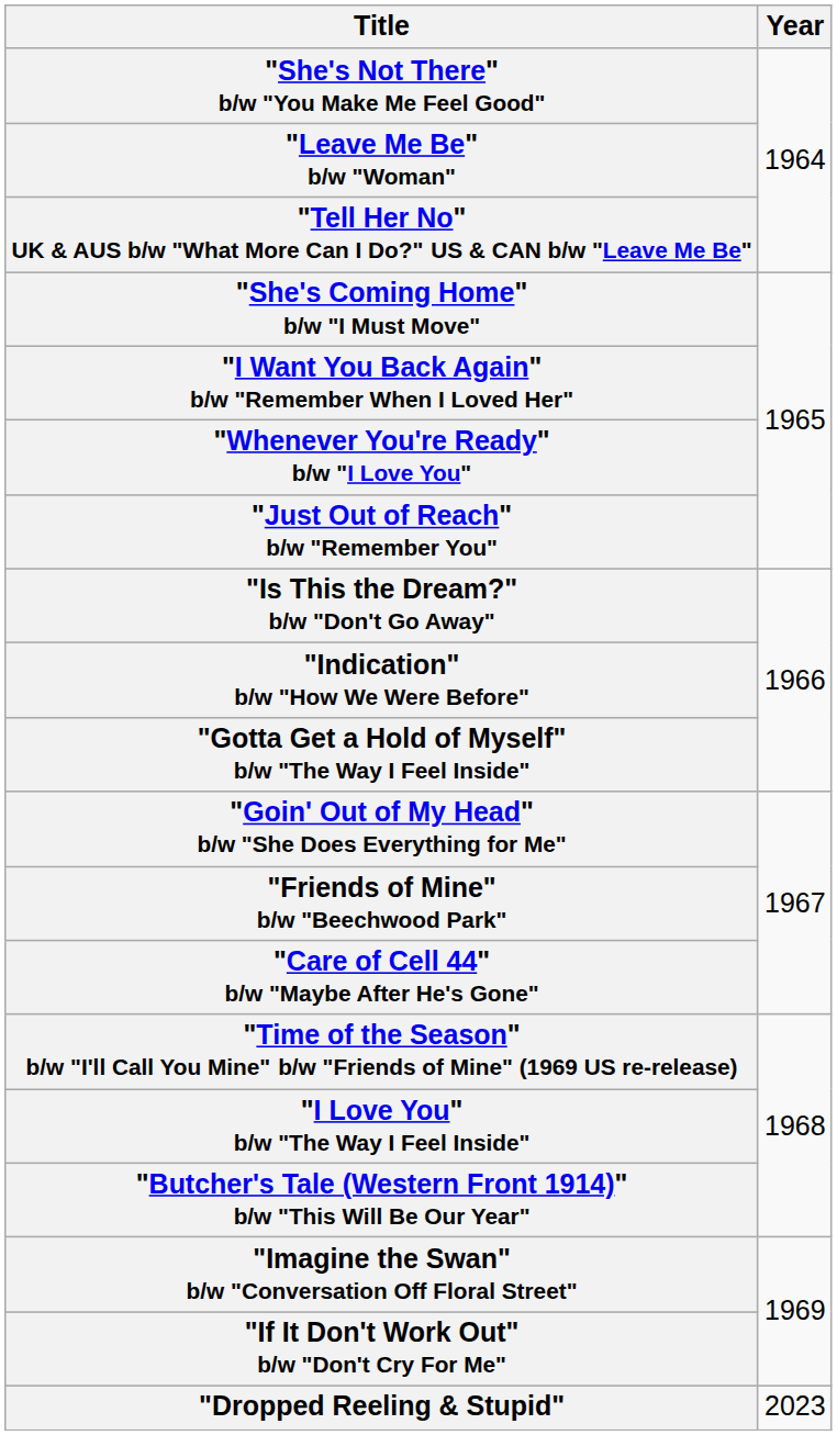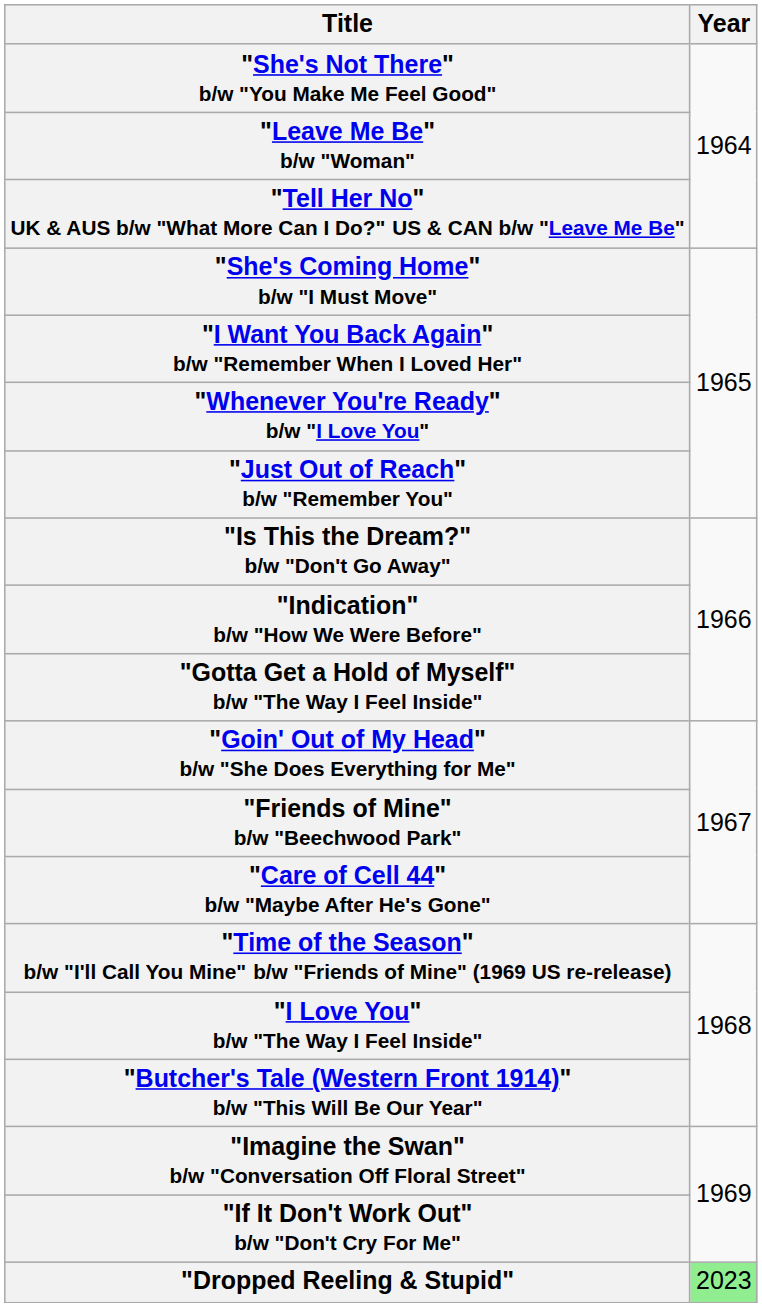 <table class="wikitable">
 <tr>
 <th>Title</th>
 <th>Year</th>
 </tr>
 <tr>
 <th>"<a href='#'>She's Not There</a>"<br><small>b/w "You Make Me Feel Good"</small></th>
 <td rowspan="3">1964</td>
 </tr>
 <tr>
 <th>"<a href='#'>Leave Me Be</a>"<br><small>b/w "Woman"</small></th>
 </tr>
 <tr>
 <th>"<a href='#'>Tell Her No</a>"<br><small>UK & AUS b/w "What More Can I Do?"</small> <small>US & CAN b/w "<a href='#'>Leave Me Be</a>"</small></th>
 </tr>
 <tr>
 <th>"<a href='#'>She's Coming Home</a>"<br><small>b/w "I Must Move"</small></th>
 <td rowspan="4">1965</td>
 </tr>
 <tr>
 <th>"<a href='#'>I Want You Back Again</a>"<br><small>b/w "Remember When I Loved Her"</small></th>
 </tr>
 <tr>
 <th>"<a href='#'>Whenever You're Ready</a>"<br><small>b/w "<a href='#'>I Love You</a>"</small></th>
 </tr>
 <tr>
 <th>"<a href='#'>Just Out of Reach</a>"<br><small>b/w "Remember You"</small></th>
 </tr>
 <tr>
 <th>"Is This the Dream?"<br><small>b/w "Don't Go Away"</small></th>
 <td rowspan="3">1966</td>
 </tr>
 <tr>
 <th>"Indication"<br><small>b/w "How We Were Before"</small></th>
 </tr>
 <tr>
 <th>"Gotta Get a Hold of Myself"<br><small>b/w "The Way I Feel Inside"</small></th>
 </tr>
 <tr>
 <th>"<a href='#'>Goin' Out of My Head</a>"<br><small>b/w "She Does Everything for Me"</small></th>
 <td rowspan="3">1967</td>
 </tr>
 <tr>
 <th>"Friends of Mine"<br><small>b/w "Beechwood Park"</small></th>
 </tr>
 <tr>
 <th>"<a href='#'>Care of Cell 44</a>"<br><small>b/w "Maybe After He's Gone"</small></th>
 </tr>
 <tr>
 <th>"<a href='#'>Time of the Season</a>"<br><small>b/w "I'll Call You Mine"</small> <small>b/w "Friends of Mine" (1969 US re-release)</small></th>
 <td rowspan="3">1968</td>
 </tr>
 <tr>
 <th>"<a href='#'>I Love You</a>"<br><small>b/w "The Way I Feel Inside"</small></th>
 </tr>
 <tr>
 <th>"<a href='#'>Butcher's Tale (Western Front 1914)</a>"<br><small>b/w "This Will Be Our Year"</small></th>
 </tr>
 <tr>
 <th>"Imagine the Swan"<br><small>b/w "Conversation Off Floral Street"</small></th>
 <td rowspan="2">1969</td>
 </tr>
 <tr>
 <th>"If It Don't Work Out"<br><small>b/w "Don't Cry For Me"</small></th>
 </tr>
 <tr>
 <th>"Dropped Reeling & Stupid"</th>
-<td>2023</td>
+<td style="background: lightgreen;">2023</td>
 </tr>
 </table>
